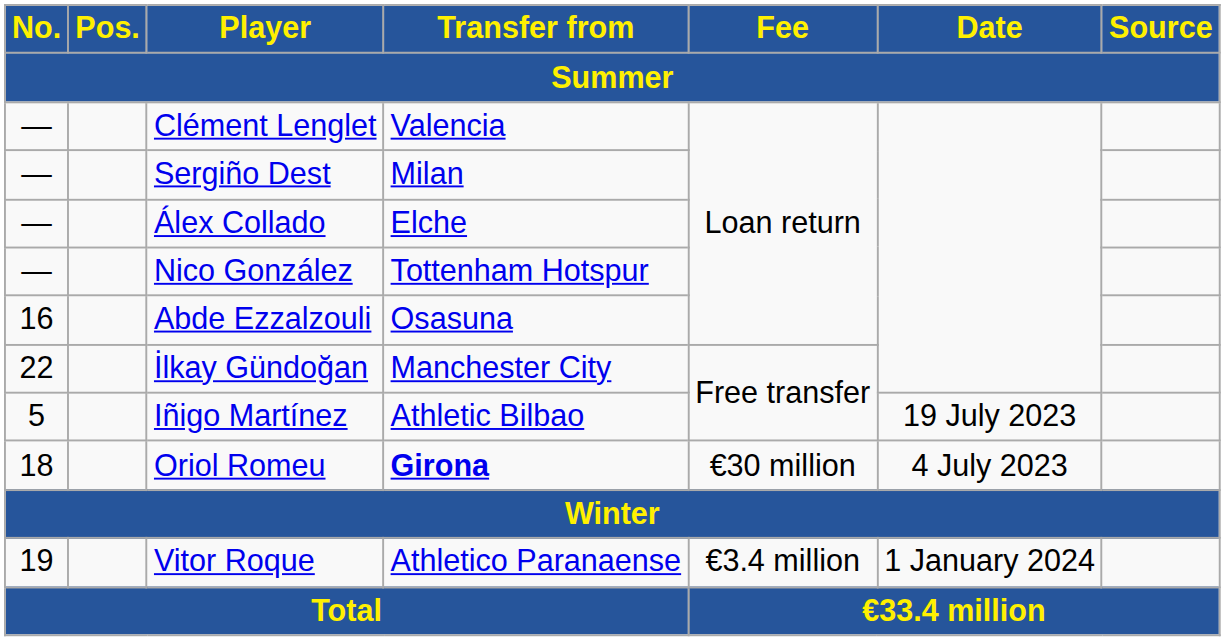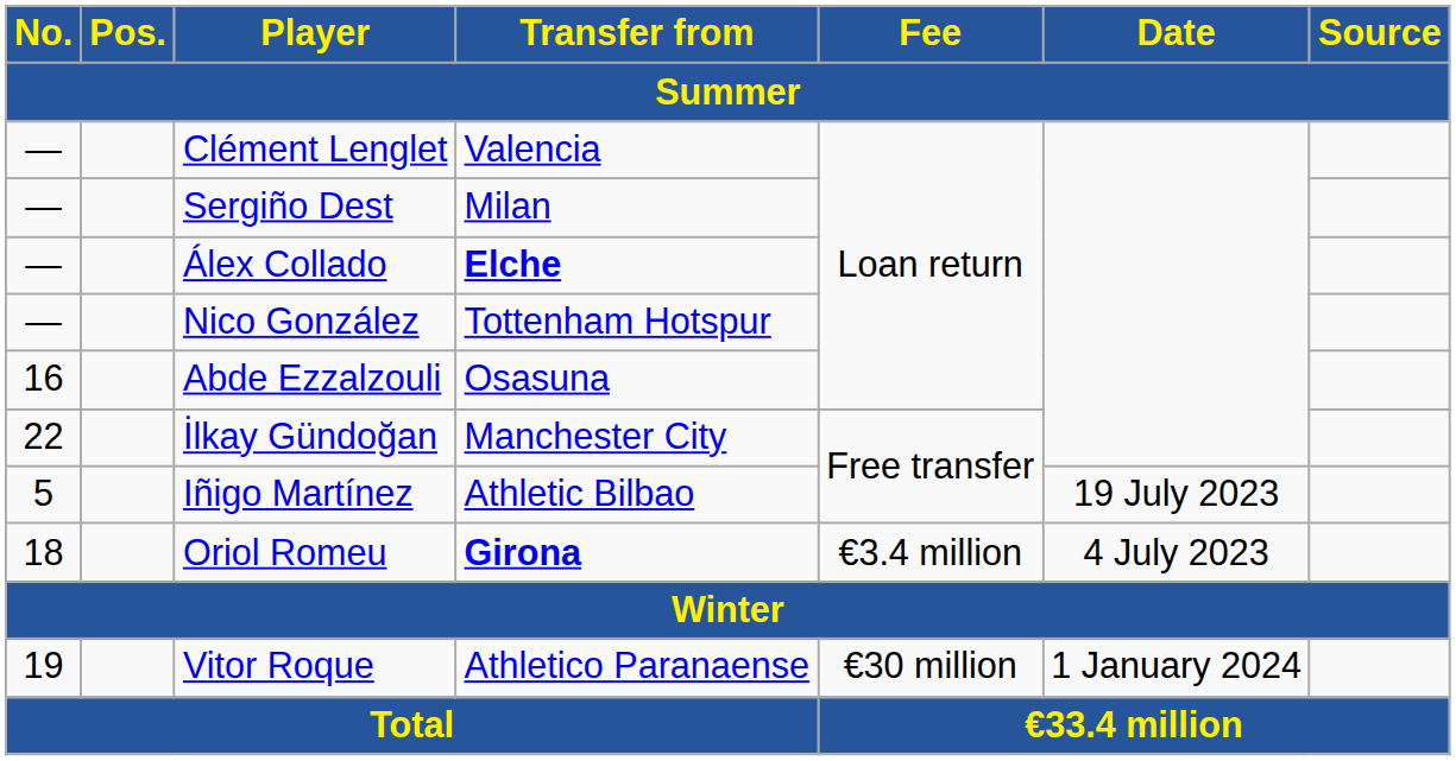 <table class="wikitable" style="text-align:center">
 <tr>
 <th style="background:#26559B;color:#FFF000;">No.</th>
 <th style="background:#26559B;color:#FFF000;">Pos.</th>
 <th style="background:#26559B;color:#FFF000;">Player</th>
 <th style="background:#26559B;color:#FFF000;">Transfer from</th>
 <th style="background:#26559B;color:#FFF000;">Fee</th>
 <th style="background:#26559B;color:#FFF000;">Date</th>
 <th style="background:#26559B;color:#FFF000;">Source</th>
 </tr>
 <tr>
 <th colspan=7 style="background:#26559B;color:#FFF000;">Summer</th>
 </tr>
 <tr>
 <td>—</td>
 <td></td>
 <td style="text-align:left"> <a href='#'>Clément Lenglet</a></td>
 <td style="text-align:left"><a href='#'>Valencia</a></td>
 <td rowspan=5>Loan return</td>
 <td rowspan=6></td>
 <td></td>
 </tr>
 <tr>
 <td>—</td>
 <td></td>
 <td style="text-align:left"> <a href='#'>Sergiño Dest</a></td>
 <td style="text-align:left"> <a href='#'>Milan</a></td>
 <td></td>
 </tr>
 <tr>
 <td>—</td>
 <td></td>
 <td style="text-align:left"> <a href='#'>Álex Collado</a></td>
-<td style="text-align:left"><a href='#'>Elche</a></td>
+<td style="text-align:left"><strong><a href='#'>Elche</a></strong></td>
 <td></td>
 </tr>
 <tr>
 <td>—</td>
 <td></td>
 <td style="text-align:left"> <a href='#'>Nico González</a></td>
 <td style="text-align:left"> <a href='#'>Tottenham Hotspur</a></td>
 <td></td>
 </tr>
 <tr>
 <td>16</td>
 <td></td>
 <td style="text-align:left"> <a href='#'>Abde Ezzalzouli</a></td>
 <td style="text-align:left"><a href='#'>Osasuna</a></td>
 <td></td>
 </tr>
 <tr>
 <td>22</td>
 <td></td>
 <td style="text-align:left"> <a href='#'>İlkay Gündoğan</a></td>
 <td style="text-align:left"> <a href='#'>Manchester City</a></td>
 <td rowspan=2>Free transfer</td>
 <td></td>
 </tr>
 <tr>
 <td>5</td>
 <td></td>
 <td style="text-align:left"> <a href='#'>Iñigo Martínez</a></td>
 <td style="text-align:left"><a href='#'>Athletic Bilbao</a></td>
 <td>19 July 2023</td>
 <td></td>
 </tr>
 <tr>
 <td>18</td>
 <td></td>
 <td style="text-align:left"> <a href='#'>Oriol Romeu</a></td>
 <td style="text-align:left"><strong><a href='#'>Girona</a></strong></td>
-<td>€30 million</td>
+<td>€3.4 million</td>
 <td>4 July 2023</td>
 <td></td>
 </tr>
 <tr>
 <th colspan=7 style="background:#26559B;color:#FFF000;">Winter</th>
 </tr>
 <tr>
 <td>19</td>
 <td></td>
 <td style="text-align:left"> <a href='#'>Vitor Roque</a></td>
 <td style="text-align:left"> <a href='#'>Athletico Paranaense</a></td>
-<td>€3.4 million</td>
+<td>€30 million</td>
 <td>1 January 2024</td>
 <td></td>
 </tr>
 <tr>
 <th colspan="4" style="background:#26559B;color:#FFF000;">Total</th>
 <th colspan="3" style="background:#26559B;color:#FFF000;">€33.4 million</th>
 </tr>
 </table>
